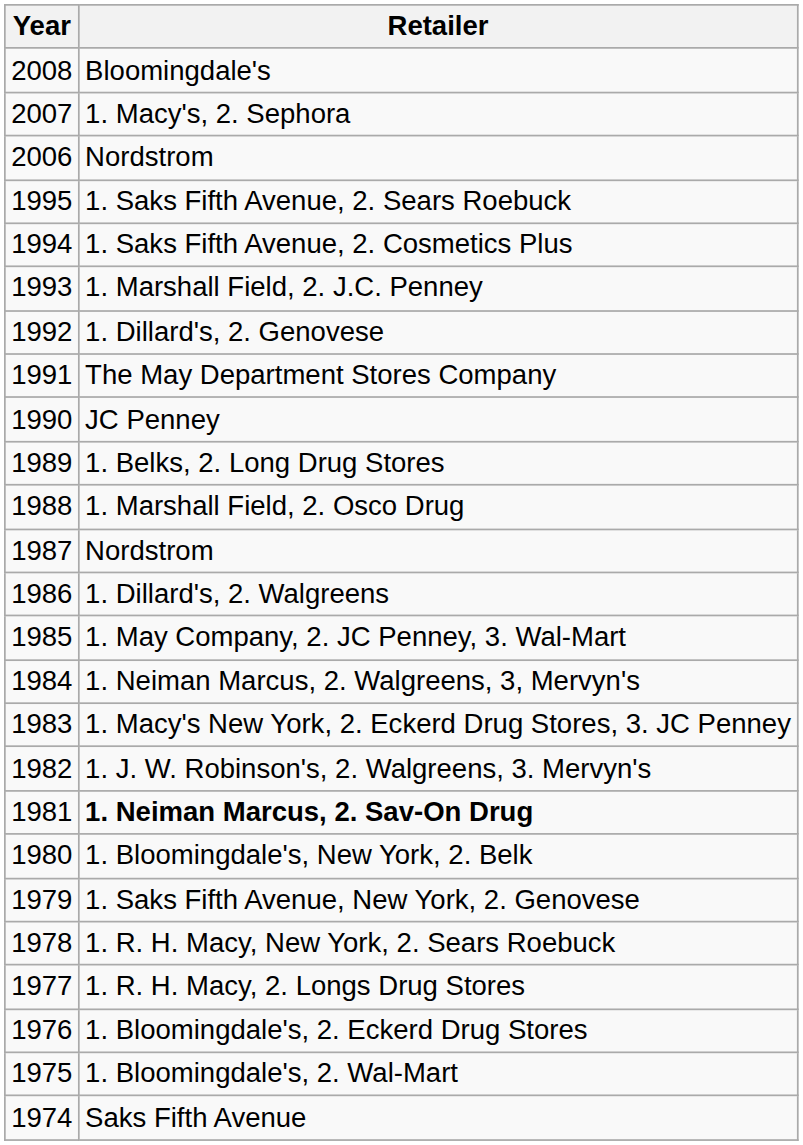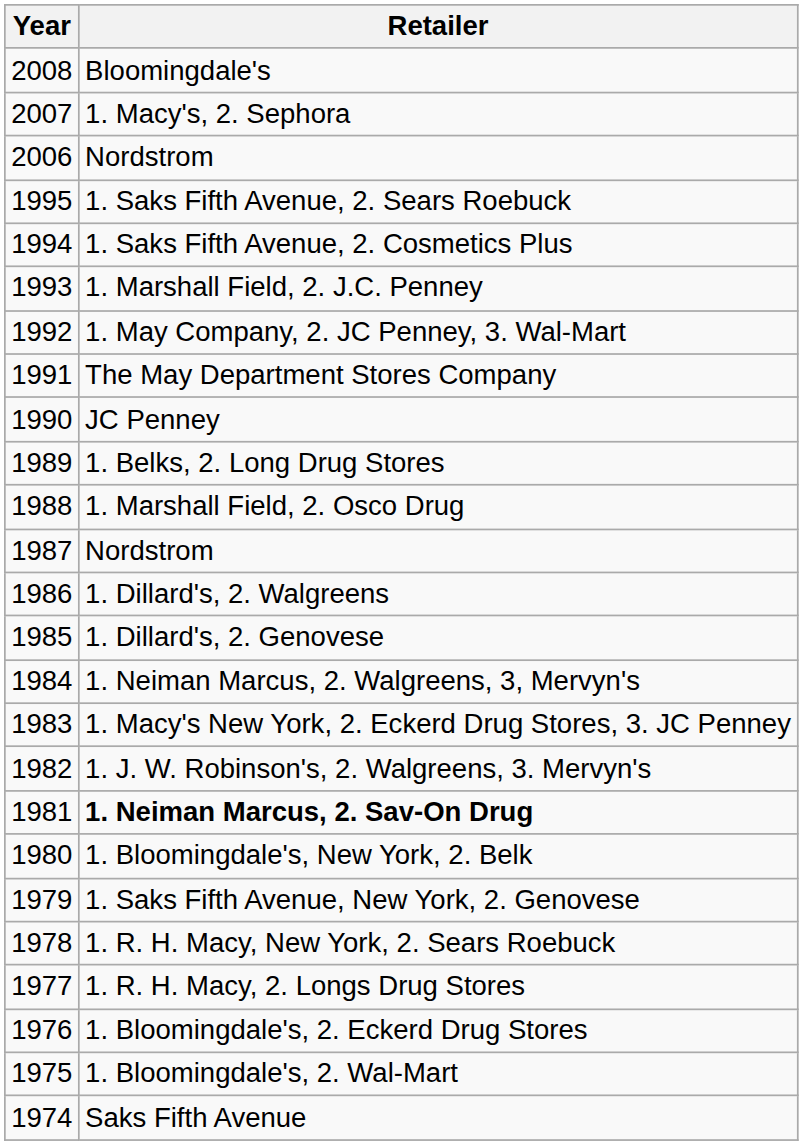 <table class="wikitable sortable">
 <tr>
 <th>Year</th>
 <th>Retailer</th>
 </tr>
 <tr>
 <td>2008</td>
 <td>Bloomingdale's</td>
 </tr>
 <tr>
 <td>2007</td>
 <td>1. Macy's, 2. Sephora</td>
 </tr>
 <tr>
 <td>2006</td>
 <td>Nordstrom</td>
 </tr>
 <tr>
 <td>1995</td>
 <td>1. Saks Fifth Avenue, 2. Sears Roebuck</td>
 </tr>
 <tr>
 <td>1994</td>
 <td>1. Saks Fifth Avenue, 2. Cosmetics Plus</td>
 </tr>
 <tr>
 <td>1993</td>
 <td>1. Marshall Field, 2. J.C. Penney</td>
 </tr>
 <tr>
 <td>1992</td>
-<td>1. Dillard's, 2. Genovese</td>
+<td>1. May Company, 2. JC Penney, 3. Wal-Mart</td>
 </tr>
 <tr>
 <td>1991</td>
 <td>The May Department Stores Company</td>
 </tr>
 <tr>
 <td>1990</td>
 <td>JC Penney</td>
 </tr>
 <tr>
 <td>1989</td>
 <td>1. Belks, 2. Long Drug Stores</td>
 </tr>
 <tr>
 <td>1988</td>
 <td>1. Marshall Field, 2. Osco Drug</td>
 </tr>
 <tr>
 <td>1987</td>
 <td>Nordstrom</td>
 </tr>
 <tr>
 <td>1986</td>
 <td>1. Dillard's, 2. Walgreens</td>
 </tr>
 <tr>
 <td>1985</td>
-<td>1. May Company, 2. JC Penney, 3. Wal-Mart</td>
+<td>1. Dillard's, 2. Genovese</td>
 </tr>
 <tr>
 <td>1984</td>
 <td>1. Neiman Marcus, 2. Walgreens, 3, Mervyn's</td>
 </tr>
 <tr>
 <td>1983</td>
 <td>1. Macy's New York, 2. Eckerd Drug Stores, 3. JC Penney</td>
 </tr>
 <tr>
 <td>1982</td>
 <td>1. J. W. Robinson's, 2. Walgreens, 3. Mervyn's</td>
 </tr>
 <tr>
 <td>1981</td>
 <td><strong>1. Neiman Marcus, 2. Sav-On Drug</strong></td>
 </tr>
 <tr>
 <td>1980</td>
 <td>1. Bloomingdale's, New York, 2. Belk</td>
 </tr>
 <tr>
 <td>1979</td>
 <td>1. Saks Fifth Avenue, New York, 2. Genovese</td>
 </tr>
 <tr>
 <td>1978</td>
 <td>1. R. H. Macy, New York, 2. Sears Roebuck</td>
 </tr>
 <tr>
 <td>1977</td>
 <td>1. R. H. Macy, 2. Longs Drug Stores</td>
 </tr>
 <tr>
 <td>1976</td>
 <td>1. Bloomingdale's, 2. Eckerd Drug Stores</td>
 </tr>
 <tr>
 <td>1975</td>
 <td>1. Bloomingdale's, 2. Wal-Mart</td>
 </tr>
 <tr>
 <td>1974</td>
 <td>Saks Fifth Avenue</td>
 </tr>
 </table>
